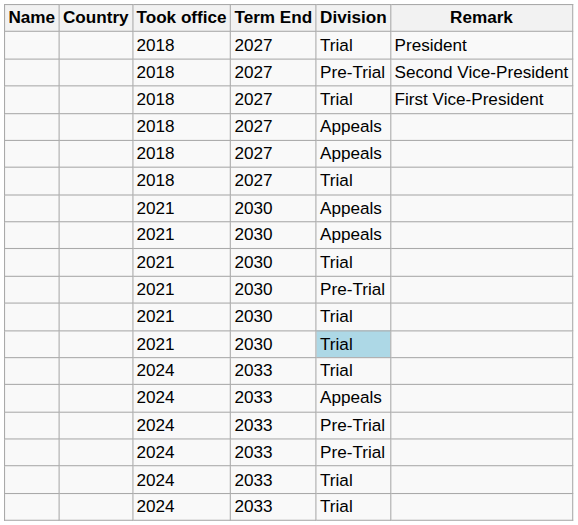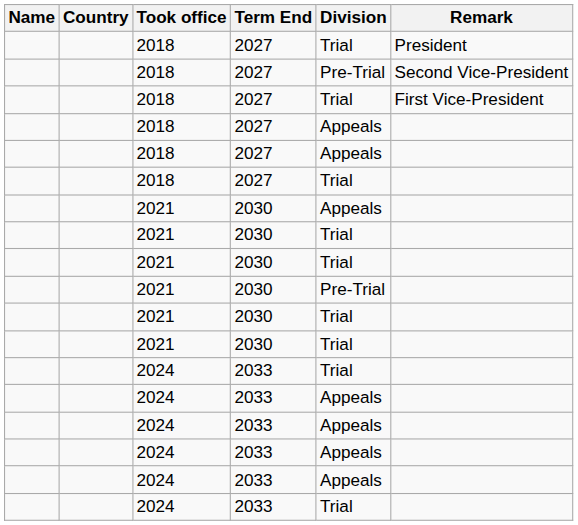 <table class="wikitable sortable" border="1" style="text-align:left">
 <tr>
 <th>Name</th>
 <th>Country</th>
 <th>Took office</th>
 <th>Term End</th>
 <th>Division<br></th>
 <th>Remark</th>
 </tr>
 <tr>
 <td></td>
 <td></td>
 <td>2018</td>
 <td>2027</td>
 <td>Trial</td>
 <td>President</td>
 </tr>
 <tr>
 <td></td>
 <td></td>
 <td>2018</td>
 <td>2027</td>
 <td>Pre-Trial</td>
 <td>Second Vice-President</td>
 </tr>
 <tr>
 <td></td>
 <td></td>
 <td>2018</td>
 <td>2027</td>
 <td>Trial</td>
 <td>First Vice-President</td>
 </tr>
 <tr>
 <td></td>
 <td></td>
 <td>2018</td>
 <td>2027</td>
 <td>Appeals</td>
 <td></td>
 </tr>
 <tr>
 <td></td>
 <td></td>
 <td>2018</td>
 <td>2027</td>
 <td>Appeals</td>
 <td></td>
 </tr>
 <tr>
 <td></td>
 <td></td>
 <td>2018</td>
 <td>2027</td>
 <td>Trial</td>
 <td></td>
 </tr>
 <tr>
 <td></td>
 <td></td>
 <td>2021</td>
 <td>2030</td>
 <td>Appeals</td>
 <td></td>
 </tr>
 <tr>
 <td></td>
 <td></td>
 <td>2021</td>
 <td>2030</td>
-<td>Appeals</td>
+<td>Trial</td>
 <td></td>
 </tr>
 <tr>
 <td></td>
 <td></td>
 <td>2021</td>
 <td>2030</td>
 <td>Trial</td>
 <td></td>
 </tr>
 <tr>
 <td></td>
 <td></td>
 <td>2021</td>
 <td>2030</td>
 <td>Pre-Trial</td>
 <td></td>
 </tr>
 <tr>
 <td></td>
 <td></td>
 <td>2021</td>
 <td>2030</td>
 <td>Trial</td>
 <td></td>
 </tr>
 <tr>
 <td></td>
 <td></td>
 <td>2021</td>
 <td>2030</td>
-<td style="background: lightblue;">Trial</td>
+<td>Trial</td>
 <td></td>
 </tr>
 <tr>
 <td></td>
 <td></td>
 <td>2024</td>
 <td>2033</td>
 <td>Trial</td>
 <td></td>
 </tr>
 <tr>
 <td></td>
 <td></td>
 <td>2024</td>
 <td>2033</td>
 <td>Appeals</td>
 <td></td>
 </tr>
 <tr>
 <td></td>
 <td></td>
 <td>2024</td>
 <td>2033</td>
-<td>Pre-Trial</td>
+<td>Appeals</td>
 <td></td>
 </tr>
 <tr>
 <td></td>
 <td></td>
 <td>2024</td>
 <td>2033</td>
-<td>Pre-Trial</td>
+<td>Appeals</td>
 <td></td>
 </tr>
 <tr>
 <td></td>
 <td></td>
 <td>2024</td>
 <td>2033</td>
-<td>Trial</td>
+<td>Appeals</td>
 <td></td>
 </tr>
 <tr>
 <td></td>
 <td></td>
 <td>2024</td>
 <td>2033</td>
 <td>Trial</td>
 <td></td>
 </tr>
 </table>
